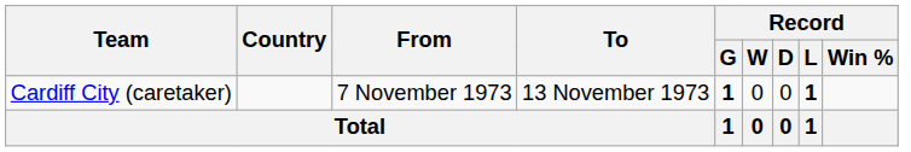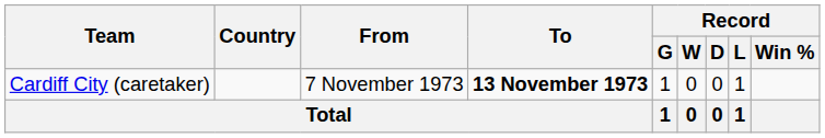 <table class="wikitable" style="text-align: center">
 <tr>
 <th rowspan="2">Team</th>
 <th rowspan="2">Country</th>
 <th rowspan="2">From</th>
 <th rowspan="2">To</th>
 <th colspan="6">Record</th>
 </tr>
 <tr>
 <th>G</th>
 <th>W</th>
 <th>D</th>
 <th>L</th>
 <th>Win %</th>
 </tr>
 <tr>
 <td align=left><a href='#'>Cardiff City</a> (caretaker)</td>
 <td></td>
 <td align=left>7 November 1973</td>
-<td align=left>13 November 1973</td>
-<td><strong>1</strong></td>
+<td align=left><strong>13 November 1973</strong></td>
+<td>1</td>
 <td>0</td>
 <td>0</td>
-<td><strong>1</strong></td>
+<td>1</td>
 <td></td>
 </tr>
 <tr>
 <th colspan="4">Total</th>
 <th>1</th>
 <th>0</th>
 <th>0</th>
 <th>1</th>
 <th></th>
 </tr>
 </table>
